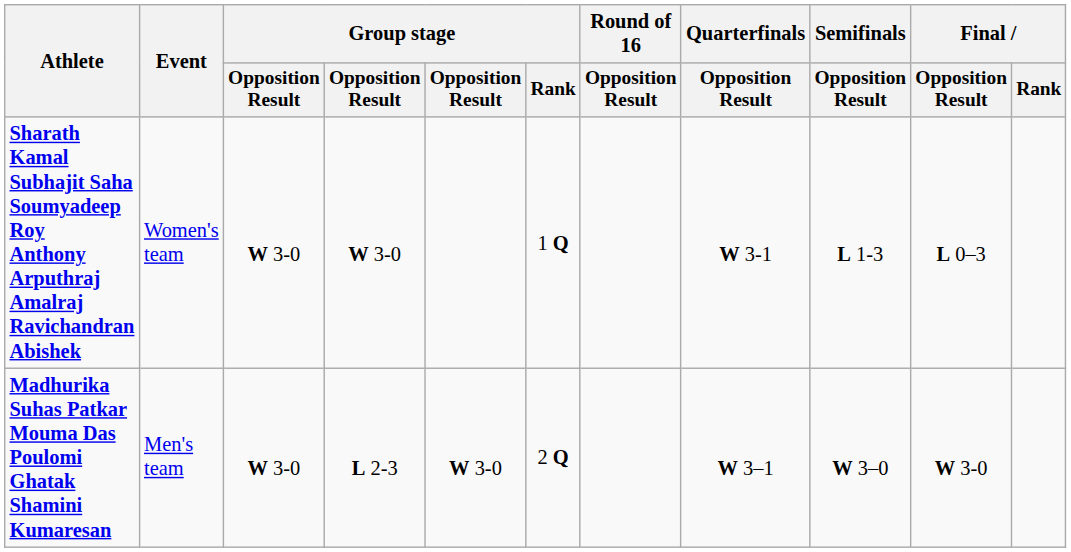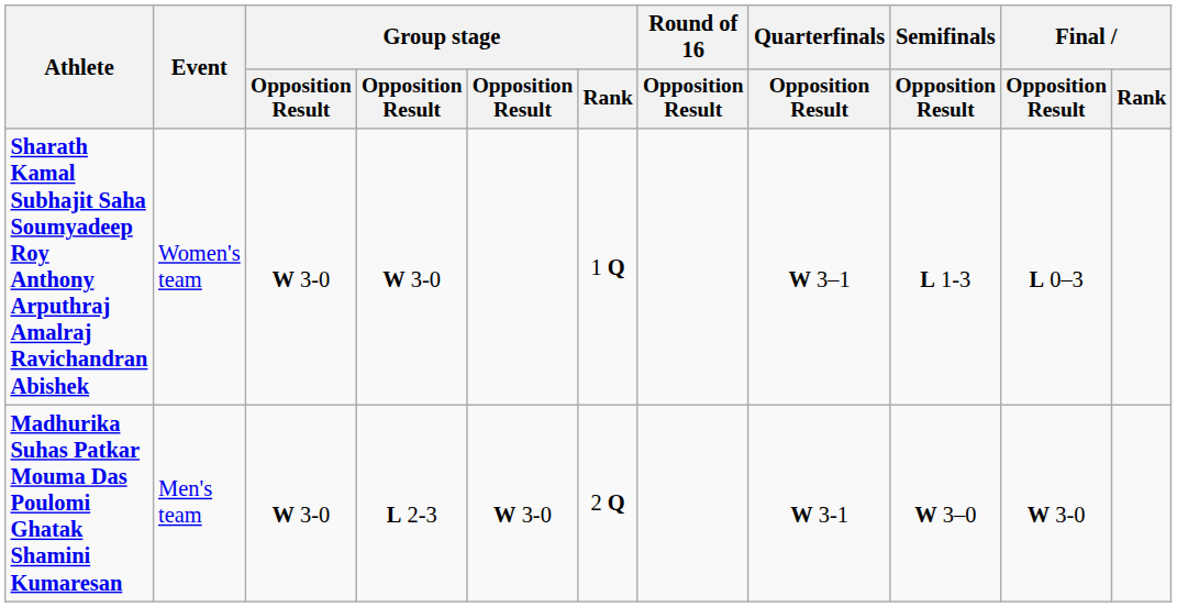 <table class="wikitable" style="font-size:90%">
 <tr>
 <th rowspan="2">Athlete</th>
 <th rowspan="2">Event</th>
 <th colspan=4>Group stage</th>
 <th>Round of 16</th>
 <th>Quarterfinals</th>
 <th>Semifinals</th>
 <th colspan=2>Final / </th>
 </tr>
 <tr style="font-size:95%">
 <th>Opposition<br>Result</th>
 <th>Opposition<br>Result</th>
 <th>Opposition<br>Result</th>
 <th>Rank</th>
 <th>Opposition<br>Result</th>
 <th>Opposition<br>Result</th>
 <th>Opposition<br>Result</th>
 <th>Opposition<br>Result</th>
 <th>Rank</th>
 </tr>
 <tr align=center>
 <td align=left><strong><a href='#'>Sharath Kamal</a><br><a href='#'>Subhajit Saha</a><br><a href='#'>Soumyadeep Roy</a><br><a href='#'>Anthony Arputhraj Amalraj</a><br><a href='#'>Ravichandran Abishek</a></strong></td>
 <td align=left><a href='#'>Women's team</a></td>
 <td><br><strong>W</strong> 3-0</td>
 <td><br><strong>W</strong> 3-0</td>
 <td></td>
 <td>1 <strong>Q</strong></td>
 <td></td>
-<td><br><strong>W</strong> 3-1</td>
+<td><br><strong>W</strong> 3–1</td>
 <td><br><strong>L</strong> 1-3</td>
 <td><br><strong>L</strong> 0–3</td>
 <td></td>
 </tr>
 <tr align=center>
 <td align=left><strong><a href='#'>Madhurika Suhas Patkar</a> <br> <a href='#'>Mouma Das</a> <br> <a href='#'>Poulomi Ghatak</a> <br> <a href='#'>Shamini Kumaresan</a></strong></td>
 <td align=left><a href='#'>Men's team</a></td>
 <td><br><strong>W</strong> 3-0</td>
 <td><br><strong>L</strong> 2-3</td>
 <td><br><strong>W</strong> 3-0</td>
 <td>2 <strong>Q</strong></td>
 <td></td>
-<td><br><strong>W</strong> 3–1</td>
+<td><br><strong>W</strong> 3-1</td>
 <td><br><strong>W</strong> 3–0</td>
 <td><br><strong>W</strong> 3-0</td>
 <td></td>
 </tr>
 </table>
